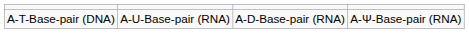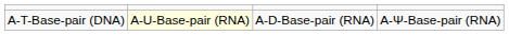 <table class="wikitable left" style="text-align:center">
 <tr>
 <td></td>
 <td></td>
 <td></td>
 <td></td>
 </tr>
 <tr>
 <td>A-T-Base-pair (DNA)</td>
-<td>A-U-Base-pair (RNA)</td>
+<td style="background: lightyellow;">A-U-Base-pair (RNA)</td>
 <td>A-D-Base-pair (RNA)</td>
 <td>A-Ψ-Base-pair (RNA)</td>
 </tr>
 </table>
